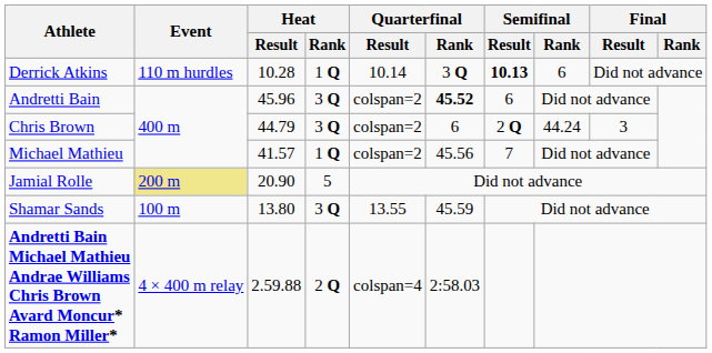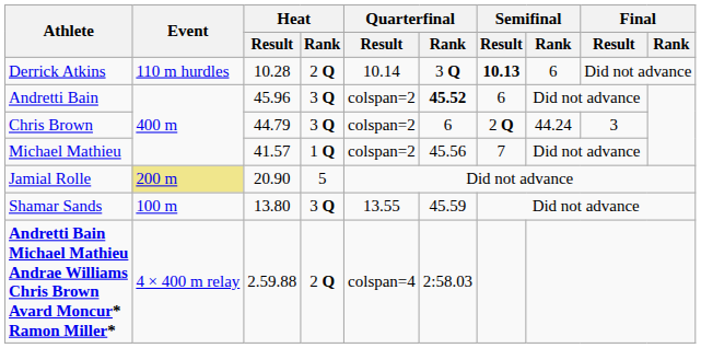 <table class=wikitable style="font-size:90%">
 <tr>
 <th rowspan="2">Athlete</th>
 <th rowspan="2">Event</th>
 <th colspan="2">Heat</th>
 <th colspan="2">Quarterfinal</th>
 <th colspan="2">Semifinal</th>
 <th colspan="2">Final</th>
 </tr>
 <tr style="font-size:95%">
 <th>Result</th>
 <th>Rank</th>
 <th>Result</th>
 <th>Rank</th>
 <th>Result</th>
 <th>Rank</th>
 <th>Result</th>
 <th>Rank</th>
 </tr>
 <tr align=center>
 <td align=left><a href='#'>Derrick Atkins</a></td>
 <td align=left><a href='#'>110 m hurdles</a></td>
 <td>10.28</td>
-<td>1 <strong>Q</strong></td>
+<td>2 <strong>Q</strong></td>
 <td>10.14</td>
 <td>3 <strong>Q</strong></td>
 <td><strong>10.13</strong></td>
 <td>6</td>
 <td colspan=2>Did not advance</td>
 </tr>
 <tr align=center>
 <td align=left><a href='#'>Andretti Bain</a></td>
 <td align=left rowspan=3><a href='#'>400 m</a></td>
 <td>45.96</td>
 <td>3 <strong>Q</strong></td>
 <td>colspan=2 </td>
 <td><strong>45.52</strong></td>
 <td>6</td>
 <td colspan=2>Did not advance</td>
 </tr>
 <tr align=center>
 <td align=left><a href='#'>Chris Brown</a></td>
 <td>44.79</td>
 <td>3 <strong>Q</strong></td>
 <td>colspan=2 </td>
 <td>6</td>
 <td>2 <strong>Q</strong></td>
 <td>44.24</td>
 <td>3</td>
 </tr>
 <tr align=center>
 <td align=left><a href='#'>Michael Mathieu</a></td>
 <td>41.57</td>
 <td>1 <strong>Q</strong></td>
 <td>colspan=2 </td>
 <td>45.56</td>
 <td>7</td>
 <td colspan=2>Did not advance</td>
 </tr>
 <tr align=center>
 <td align=left><a href='#'>Jamial Rolle</a></td>
 <td align=left style="background: khaki;"><a href='#'>200 m</a></td>
 <td>20.90</td>
 <td>5</td>
 <td colspan=6>Did not advance</td>
 </tr>
 <tr align=center>
 <td align=left><a href='#'>Shamar Sands</a></td>
 <td align=left><a href='#'>100 m</a></td>
 <td>13.80</td>
 <td>3 <strong>Q</strong></td>
 <td>13.55</td>
 <td>45.59</td>
 <td colspan=4>Did not advance</td>
 </tr>
 <tr align=center>
 <td align=left><strong><a href='#'>Andretti Bain</a><br><a href='#'>Michael Mathieu</a><br><a href='#'>Andrae Williams</a><br><a href='#'>Chris Brown</a><br><a href='#'>Avard Moncur</a>*<br><a href='#'>Ramon Miller</a>*</strong></td>
 <td align=left><a href='#'>4 × 400 m relay</a></td>
 <td>2.59.88</td>
 <td>2 <strong>Q</strong></td>
 <td>colspan=4 </td>
 <td>2:58.03</td>
 <td></td>
 </tr>
 </table>
